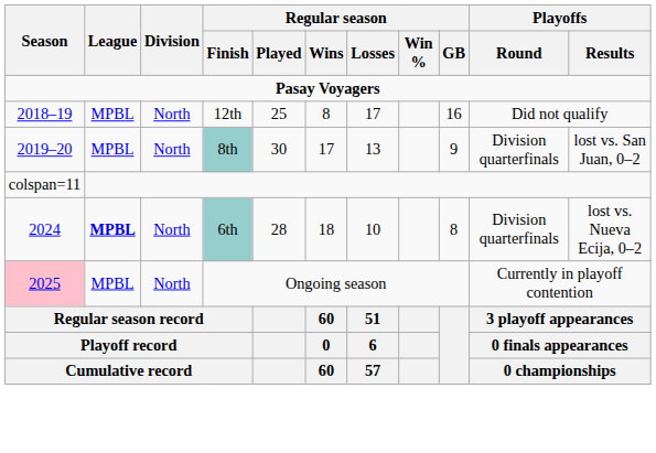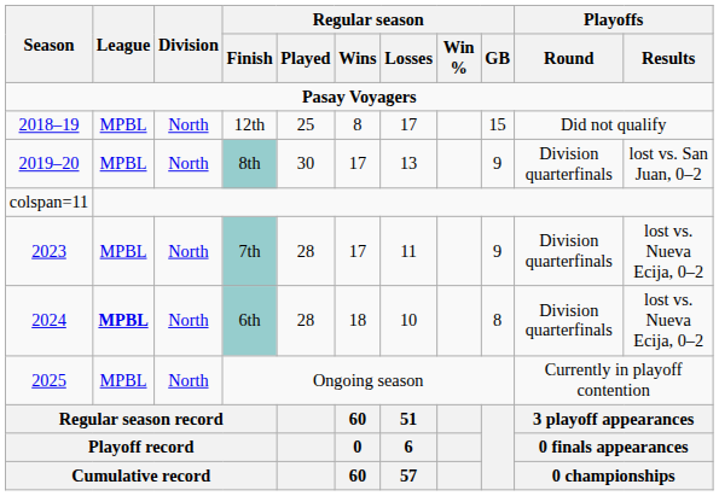 <table class="wikitable" style="width:100%; text-align:center; font-size:95%">
 <tr>
 <th rowspan=2>Season</th>
 <th rowspan=2>League</th>
 <th rowspan=2>Division</th>
 <th colspan=6>Regular season</th>
 <th colspan=2>Playoffs</th>
 </tr>
 <tr>
 <th>Finish</th>
 <th>Played</th>
 <th>Wins</th>
 <th>Losses</th>
 <th>Win %</th>
 <th>GB</th>
 <th>Round</th>
 <th>Results</th>
 </tr>
 <tr>
 <td align="center" colspan="11"><strong>Pasay Voyagers</strong></td>
 </tr>
 <tr>
 <td><a href='#'>2018–19</a></td>
 <td><a href='#'>MPBL</a></td>
 <td><a href='#'>North</a></td>
 <td>12th</td>
 <td>25</td>
 <td>8</td>
 <td>17</td>
 <td></td>
-<td>16</td>
+<td>15</td>
 <td colspan=2>Did not qualify</td>
 </tr>
 <tr>
 <td><a href='#'>2019–20</a></td>
 <td><a href='#'>MPBL</a></td>
 <td><a href='#'>North</a></td>
 <td bgcolor="#96CDCD">8th</td>
 <td>30</td>
 <td>17</td>
 <td>13</td>
 <td></td>
 <td>9</td>
 <td>Division quarterfinals</td>
 <td>lost vs. San Juan, 0–2</td>
 </tr>
 <tr>
 <td>colspan=11 </td>
 </tr>
 <tr>
+<td><a href='#'>2023</a></td>
+<td><a href='#'>MPBL</a></td>
+<td><a href='#'>North</a></td>
+<td bgcolor="#96CDCD">7th</td>
+<td>28</td>
+<td>17</td>
+<td>11</td>
+<td></td>
+<td>9</td>
+<td>Division quarterfinals</td>
+<td>lost vs. Nueva Ecija, 0–2</td>
+</tr>
+<tr>
 <td><a href='#'>2024</a></td>
 <td><strong><a href='#'>MPBL</a></strong></td>
 <td><a href='#'>North</a></td>
 <td bgcolor="#96CDCD">6th</td>
 <td>28</td>
 <td>18</td>
 <td>10</td>
 <td></td>
 <td>8</td>
 <td>Division quarterfinals</td>
 <td>lost vs. Nueva Ecija, 0–2</td>
 </tr>
 <tr>
-<td style="background: pink;"><a href='#'>2025</a></td>
+<td><a href='#'>2025</a></td>
 <td><a href='#'>MPBL</a></td>
 <td><a href='#'>North</a></td>
 <td colspan=6>Ongoing season</td>
 <td colspan=2>Currently in playoff contention</td>
 </tr>
 <tr>
 <th colspan=4>Regular season record</th>
 <th></th>
 <th>60</th>
 <th>51</th>
 <th></th>
 <th rowspan=3></th>
 <th colspan=2>3 playoff appearances</th>
 </tr>
 <tr>
 <th colspan=4>Playoff record</th>
 <th></th>
 <th>0</th>
 <th>6</th>
 <th></th>
 <th colspan=2>0 finals appearances</th>
 </tr>
 <tr>
 <th colspan=4>Cumulative record</th>
 <th></th>
 <th>60</th>
 <th>57</th>
 <th></th>
 <th colspan=2>0 championships</th>
 </tr>
 </table>
